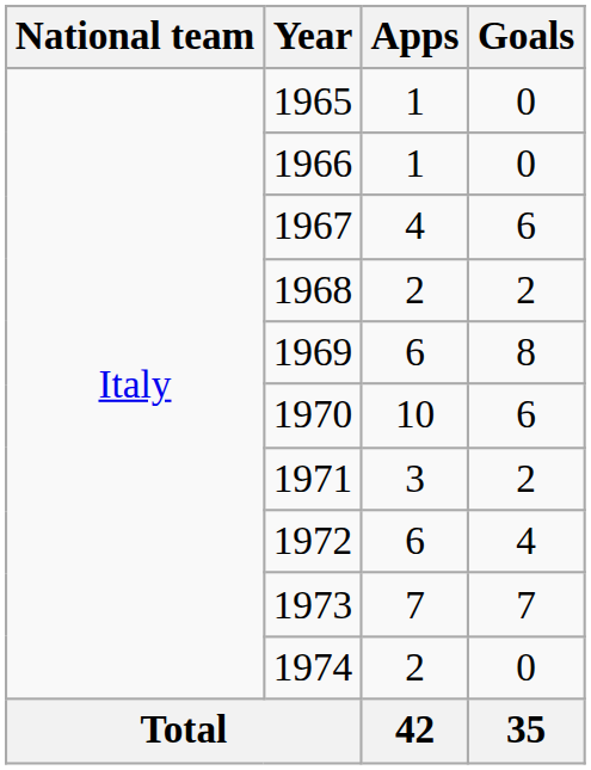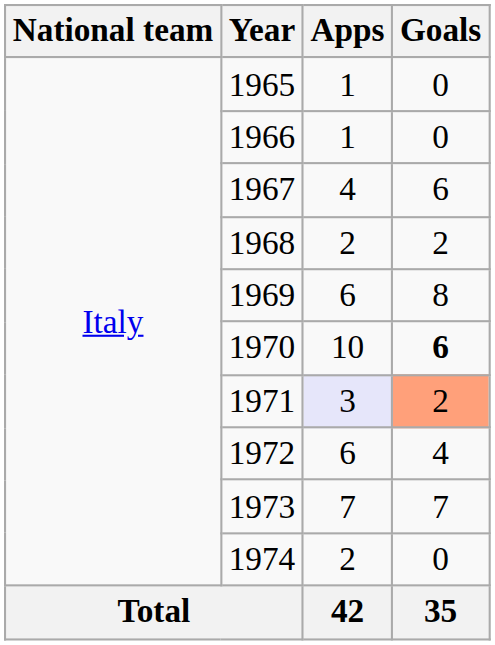 <table class="wikitable" style="text-align:center">
 <tr>
 <th>National team</th>
 <th>Year</th>
 <th>Apps</th>
 <th>Goals</th>
 </tr>
 <tr>
 <td rowspan="10"><a href='#'>Italy</a></td>
 <td>1965</td>
 <td>1</td>
 <td>0</td>
 </tr>
 <tr>
 <td>1966</td>
 <td>1</td>
 <td>0</td>
 </tr>
 <tr>
 <td>1967</td>
 <td>4</td>
 <td>6</td>
 </tr>
 <tr>
 <td>1968</td>
 <td>2</td>
 <td>2</td>
 </tr>
 <tr>
 <td>1969</td>
 <td>6</td>
 <td>8</td>
 </tr>
 <tr>
 <td>1970</td>
 <td>10</td>
-<td>6</td>
+<td><strong>6</strong></td>
 </tr>
 <tr>
 <td>1971</td>
-<td>3</td>
-<td>2</td>
+<td style="background: lavender;">3</td>
+<td style="background: lightsalmon;">2</td>
 </tr>
 <tr>
 <td>1972</td>
 <td>6</td>
 <td>4</td>
 </tr>
 <tr>
 <td>1973</td>
 <td>7</td>
 <td>7</td>
 </tr>
 <tr>
 <td>1974</td>
 <td>2</td>
 <td>0</td>
 </tr>
 <tr>
 <th colspan="2">Total</th>
 <th>42</th>
 <th>35</th>
 </tr>
 </table>
